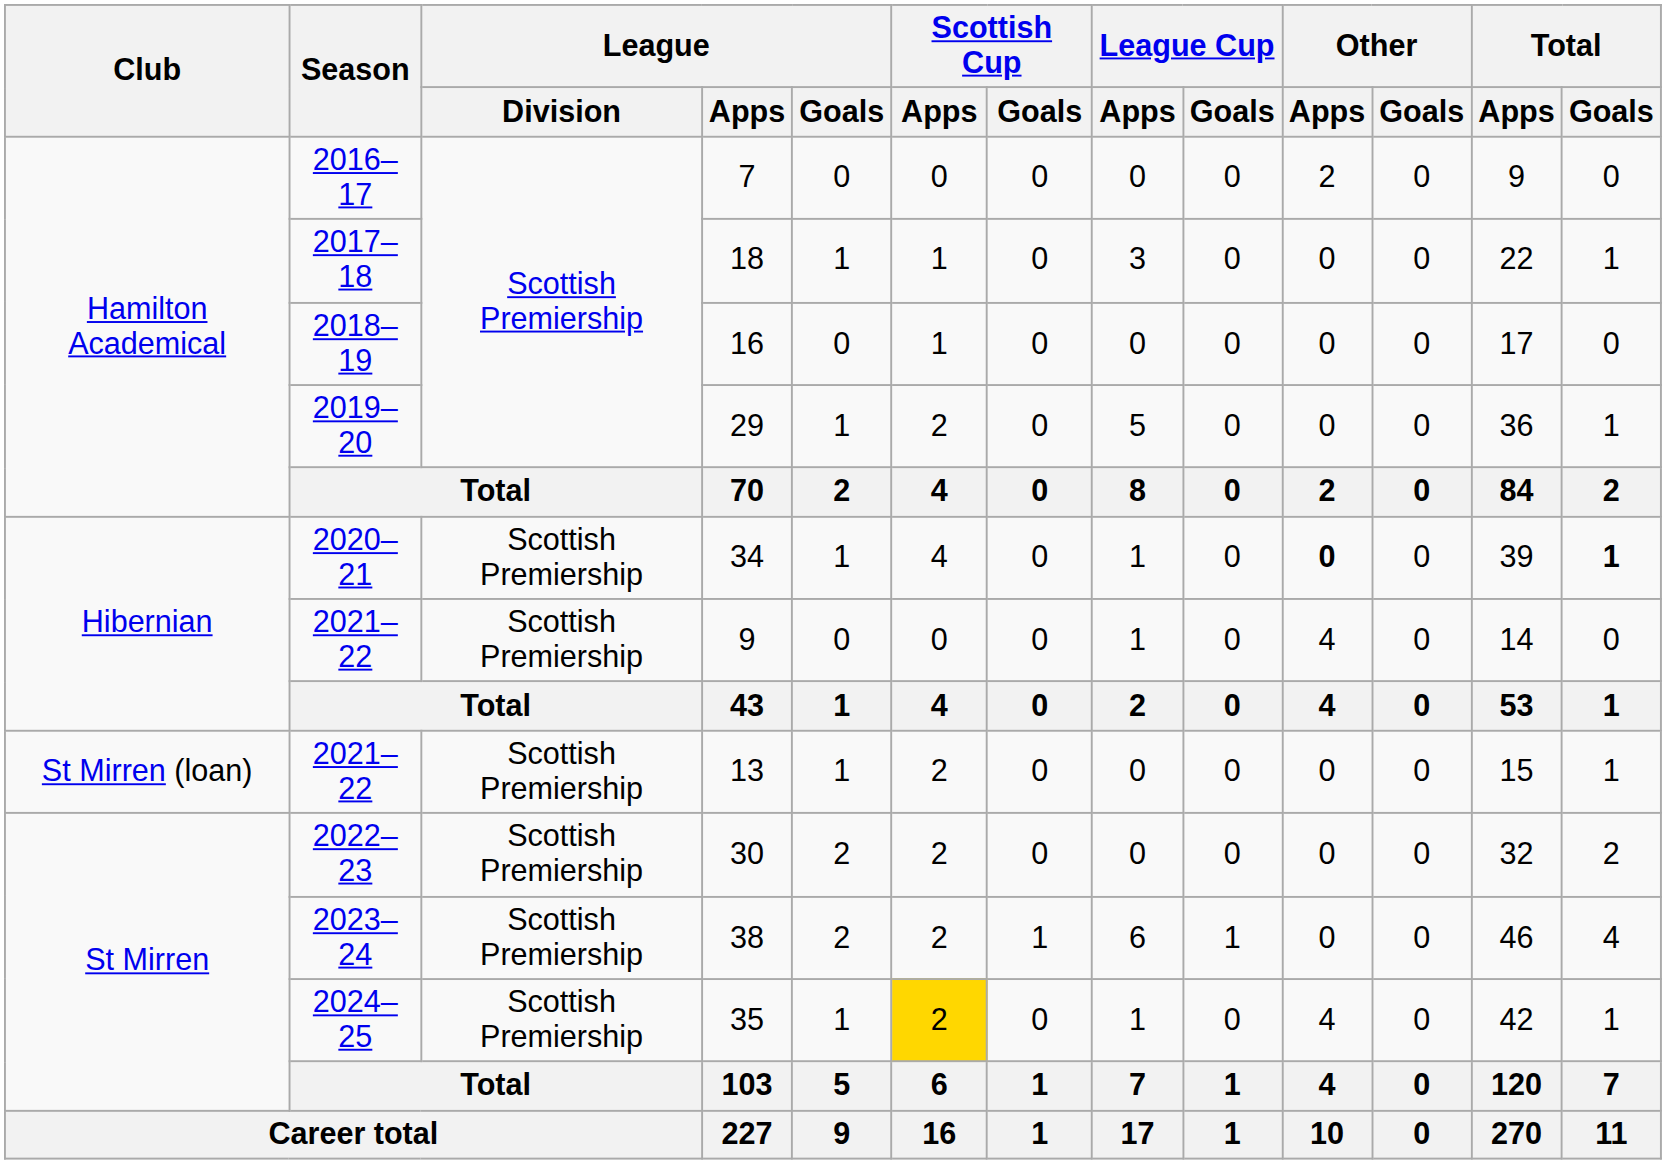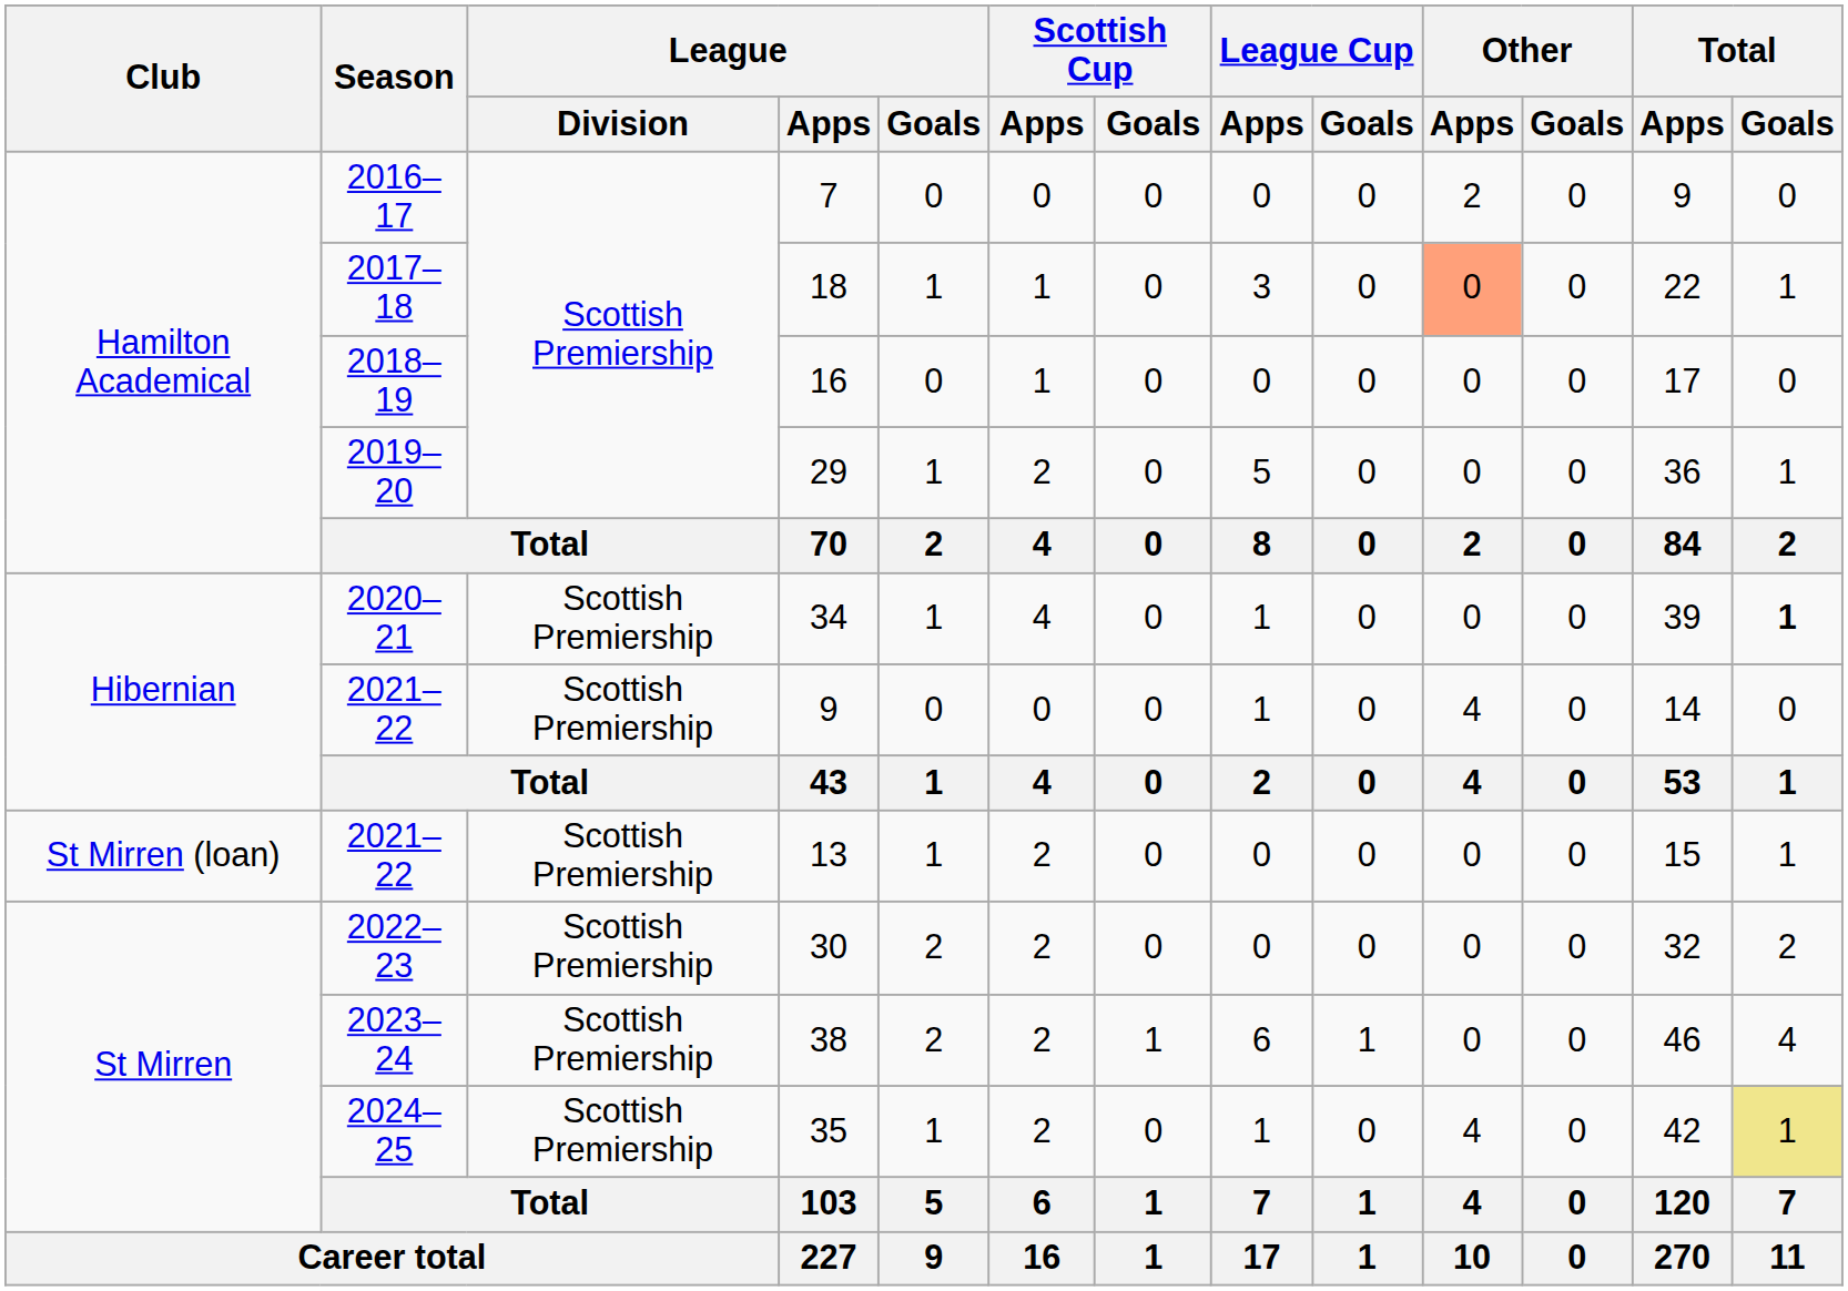 <table class="wikitable" style="text-align: center">
 <tr>
 <th rowspan="2">Club</th>
 <th rowspan="2">Season</th>
 <th colspan="3">League</th>
 <th colspan="2"><a href='#'>Scottish Cup</a></th>
 <th colspan="2"><a href='#'>League Cup</a></th>
 <th colspan="2">Other</th>
 <th colspan="2">Total</th>
 </tr>
 <tr>
 <th>Division</th>
 <th>Apps</th>
 <th>Goals</th>
 <th>Apps</th>
 <th>Goals</th>
 <th>Apps</th>
 <th>Goals</th>
 <th>Apps</th>
 <th>Goals</th>
 <th>Apps</th>
 <th>Goals</th>
 </tr>
 <tr>
 <td rowspan="5"><a href='#'>Hamilton Academical</a></td>
 <td><a href='#'>2016–17</a></td>
 <td rowspan="4"><a href='#'>Scottish Premiership</a></td>
 <td>7</td>
 <td>0</td>
 <td>0</td>
 <td>0</td>
 <td>0</td>
 <td>0</td>
 <td>2</td>
 <td>0</td>
 <td>9</td>
 <td>0</td>
 </tr>
 <tr>
 <td><a href='#'>2017–18</a></td>
 <td>18</td>
 <td>1</td>
 <td>1</td>
 <td>0</td>
 <td>3</td>
 <td>0</td>
-<td>0</td>
+<td style="background: lightsalmon;">0</td>
 <td>0</td>
 <td>22</td>
 <td>1</td>
 </tr>
 <tr>
 <td><a href='#'>2018–19</a></td>
 <td>16</td>
 <td>0</td>
 <td>1</td>
 <td>0</td>
 <td>0</td>
 <td>0</td>
 <td>0</td>
 <td>0</td>
 <td>17</td>
 <td>0</td>
 </tr>
 <tr>
 <td><a href='#'>2019–20</a></td>
 <td>29</td>
 <td>1</td>
 <td>2</td>
 <td>0</td>
 <td>5</td>
 <td>0</td>
 <td>0</td>
 <td>0</td>
 <td>36</td>
 <td>1</td>
 </tr>
 <tr>
 <th colspan="2">Total</th>
 <th>70</th>
 <th>2</th>
 <th>4</th>
 <th>0</th>
 <th>8</th>
 <th>0</th>
 <th>2</th>
 <th>0</th>
 <th>84</th>
 <th>2</th>
 </tr>
 <tr>
 <td rowspan="3"><a href='#'>Hibernian</a></td>
 <td><a href='#'>2020–21</a></td>
 <td>Scottish Premiership</td>
 <td>34</td>
 <td>1</td>
 <td>4</td>
 <td>0</td>
 <td>1</td>
 <td>0</td>
-<td><strong>0</strong></td>
+<td>0</td>
 <td>0</td>
 <td>39</td>
 <td><strong>1</strong></td>
 </tr>
 <tr>
 <td><a href='#'>2021–22</a></td>
 <td>Scottish Premiership</td>
 <td>9</td>
 <td>0</td>
 <td>0</td>
 <td>0</td>
 <td>1</td>
 <td>0</td>
 <td>4</td>
 <td>0</td>
 <td>14</td>
 <td>0</td>
 </tr>
 <tr>
 <th colspan="2">Total</th>
 <th>43</th>
 <th>1</th>
 <th>4</th>
 <th>0</th>
 <th>2</th>
 <th>0</th>
 <th>4</th>
 <th>0</th>
 <th>53</th>
 <th>1</th>
 </tr>
 <tr>
 <td><a href='#'>St Mirren</a> (loan)</td>
 <td><a href='#'>2021–22</a></td>
 <td>Scottish Premiership</td>
 <td>13</td>
 <td>1</td>
 <td>2</td>
 <td>0</td>
 <td>0</td>
 <td>0</td>
 <td>0</td>
 <td>0</td>
 <td>15</td>
 <td>1</td>
 </tr>
 <tr>
 <td rowspan="4"><a href='#'>St Mirren</a></td>
 <td><a href='#'>2022–23</a></td>
 <td>Scottish Premiership</td>
 <td>30</td>
 <td>2</td>
 <td>2</td>
 <td>0</td>
 <td>0</td>
 <td>0</td>
 <td>0</td>
 <td>0</td>
 <td>32</td>
 <td>2</td>
 </tr>
 <tr>
 <td><a href='#'>2023–24</a></td>
 <td>Scottish Premiership</td>
 <td>38</td>
 <td>2</td>
 <td>2</td>
 <td>1</td>
 <td>6</td>
 <td>1</td>
 <td>0</td>
 <td>0</td>
 <td>46</td>
 <td>4</td>
 </tr>
 <tr>
 <td><a href='#'>2024–25</a></td>
 <td>Scottish Premiership</td>
 <td>35</td>
 <td>1</td>
-<td style="background: gold;">2</td>
+<td>2</td>
 <td>0</td>
 <td>1</td>
 <td>0</td>
 <td>4</td>
 <td>0</td>
 <td>42</td>
-<td>1</td>
+<td style="background: khaki;">1</td>
 </tr>
 <tr>
 <th colspan="2">Total</th>
 <th>103</th>
 <th>5</th>
 <th>6</th>
 <th>1</th>
 <th>7</th>
 <th>1</th>
 <th>4</th>
 <th>0</th>
 <th>120</th>
 <th>7</th>
 </tr>
 <tr>
 <th colspan="3">Career total</th>
 <th>227</th>
 <th>9</th>
 <th>16</th>
 <th>1</th>
 <th>17</th>
 <th>1</th>
 <th>10</th>
 <th>0</th>
 <th>270</th>
 <th>11</th>
 </tr>
 </table>
